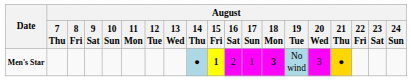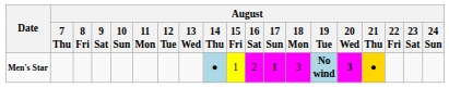 <table class="wikitable" style="margin:0.5em auto; font-size:90%; line-height:1.25em;">
 <tr>
 <th rowspan=2>Date</th>
 <th colspan=18>August</th>
 </tr>
 <tr>
 <th>7<br>Thu</th>
 <th>8<br>Fri</th>
 <th>9<br>Sat</th>
 <th>10<br>Sun</th>
 <th>11<br>Mon</th>
 <th>12<br>Tue</th>
 <th>13<br>Wed</th>
 <th>14<br>Thu</th>
 <th>15<br>Fri</th>
 <th>16<br>Sat</th>
 <th>17<br>Sun</th>
 <th>18<br>Mon</th>
 <th>19<br>Tue</th>
 <th>20<br>Wed</th>
 <th>21<br>Thu</th>
 <th>22<br>Fri</th>
 <th>23<br>Sat</th>
 <th>24<br>Sun</th>
 </tr>
 <tr style="text-align:center;">
 <td style="text-align:right;"><small><strong>Men's Star</strong></small></td>
 <td></td>
 <td></td>
 <td></td>
 <td></td>
 <td></td>
 <td></td>
 <td></td>
 <td style="background:LightBlue;"><span> ● </span></td>
-<td style="background:Yellow;"><strong><span> 1 </span></strong></td>
+<td style="background:Yellow;"><span> 1 </span></td>
 <td style="background:Fuchsia;"><span> 2 </span></td>
-<td style="background:Fuchsia;"><span> 1 </span></td>
+<td style="background:Fuchsia;"><strong><span> 1 </span></strong></td>
+<td style="background:Fuchsia;"><span> 3 </span></td>
+<td style="background:LightBlue;"><strong><span> No<br>wind </span></strong></td>
 <td style="background:Fuchsia;"><strong><span> 3 </span></strong></td>
-<td style="background:LightBlue;"><span> No<br>wind </span></td>
-<td style="background:Fuchsia;"><span> 3 </span></td>
 <td style="background:Gold;"><span> ● </span></td>
 <td></td>
 <td></td>
 <td></td>
 </tr>
 </table>
